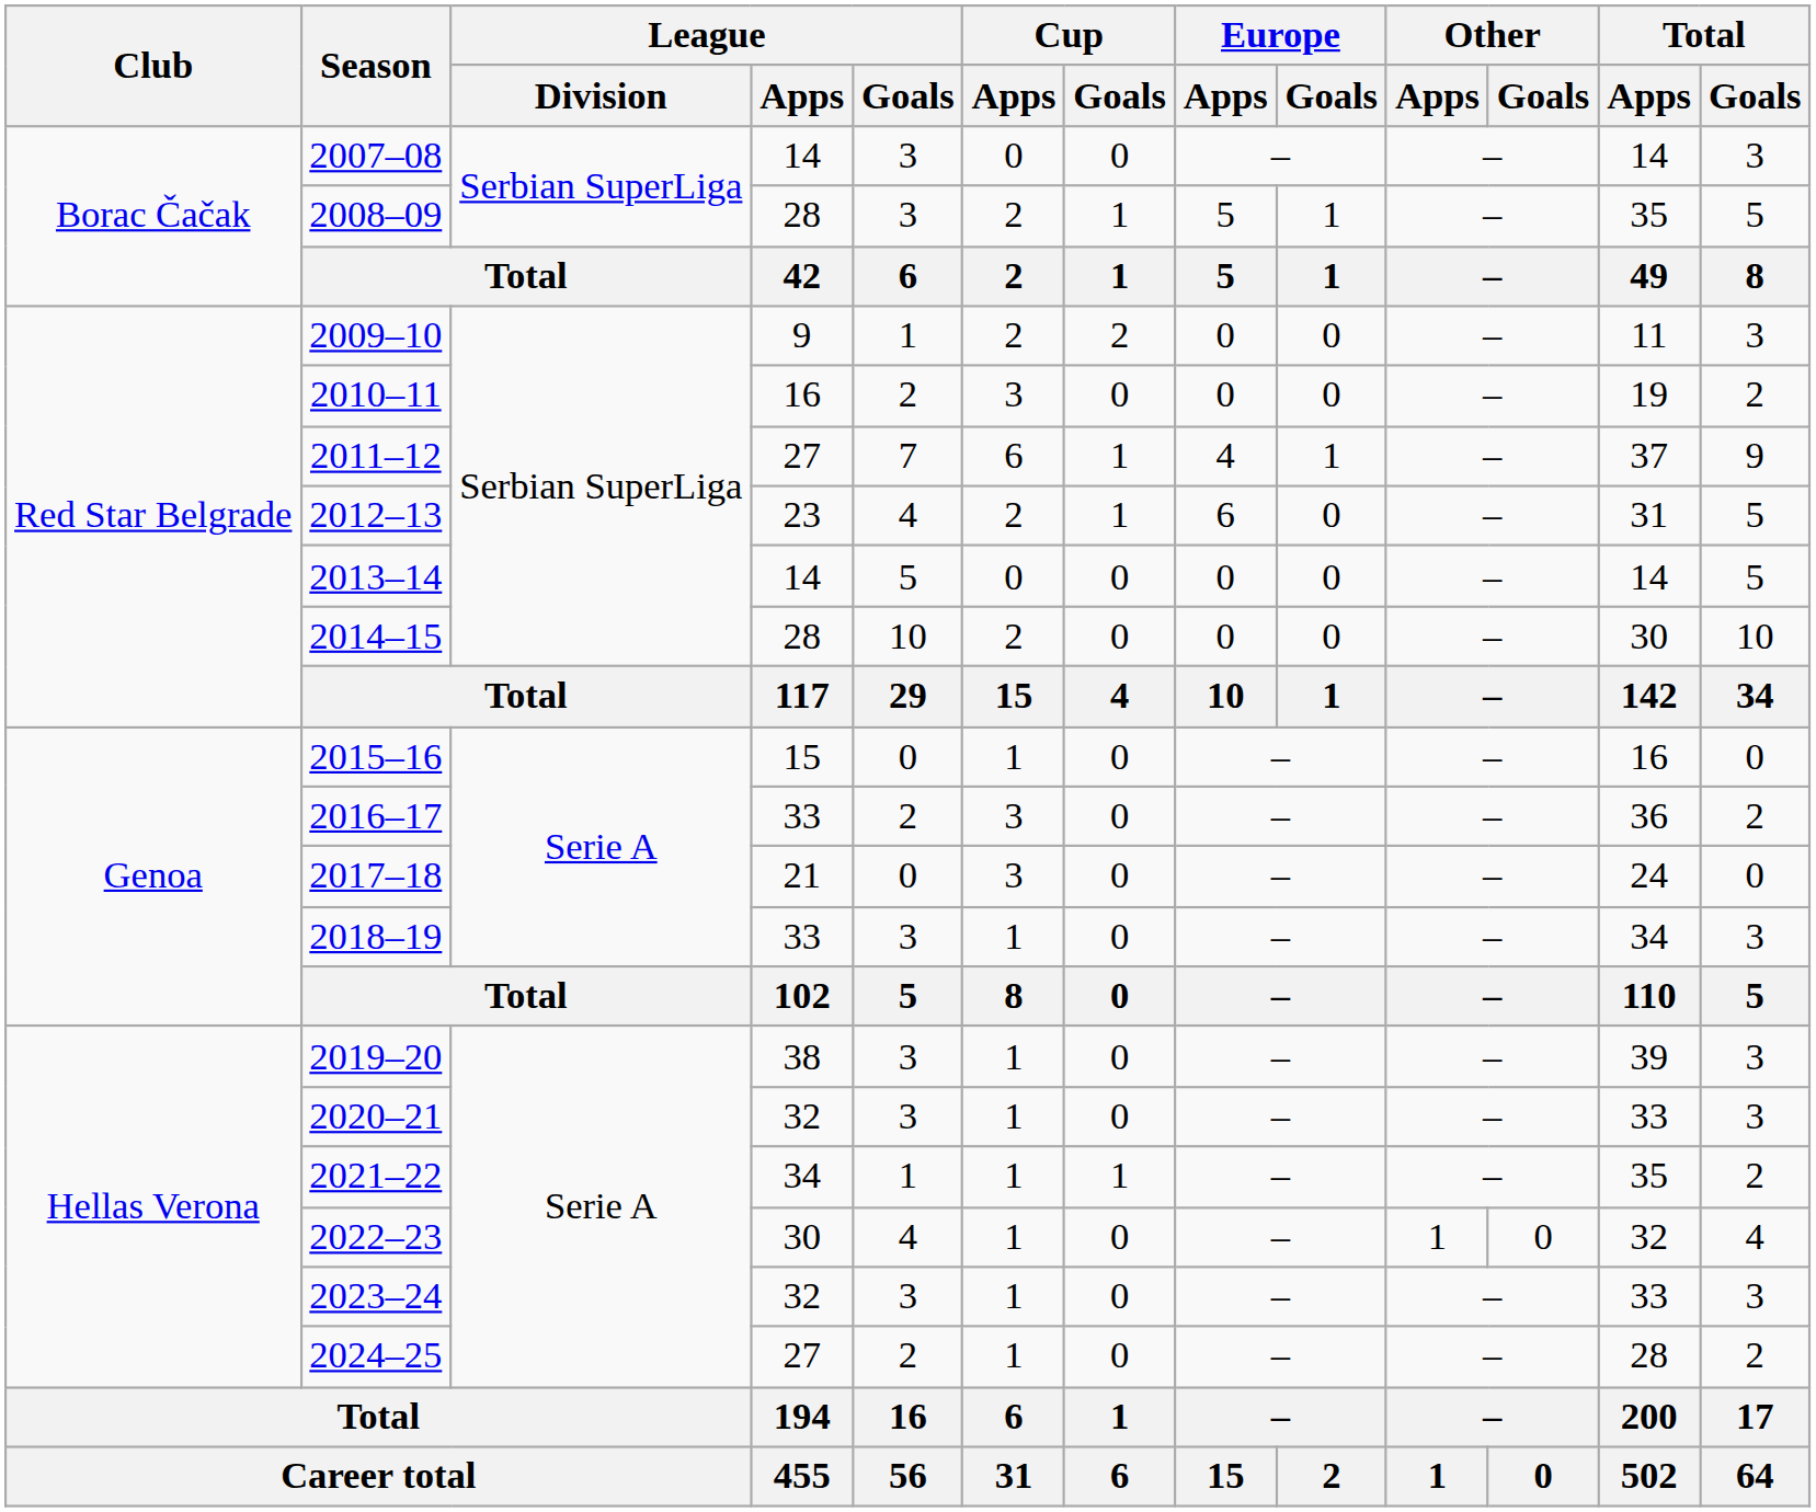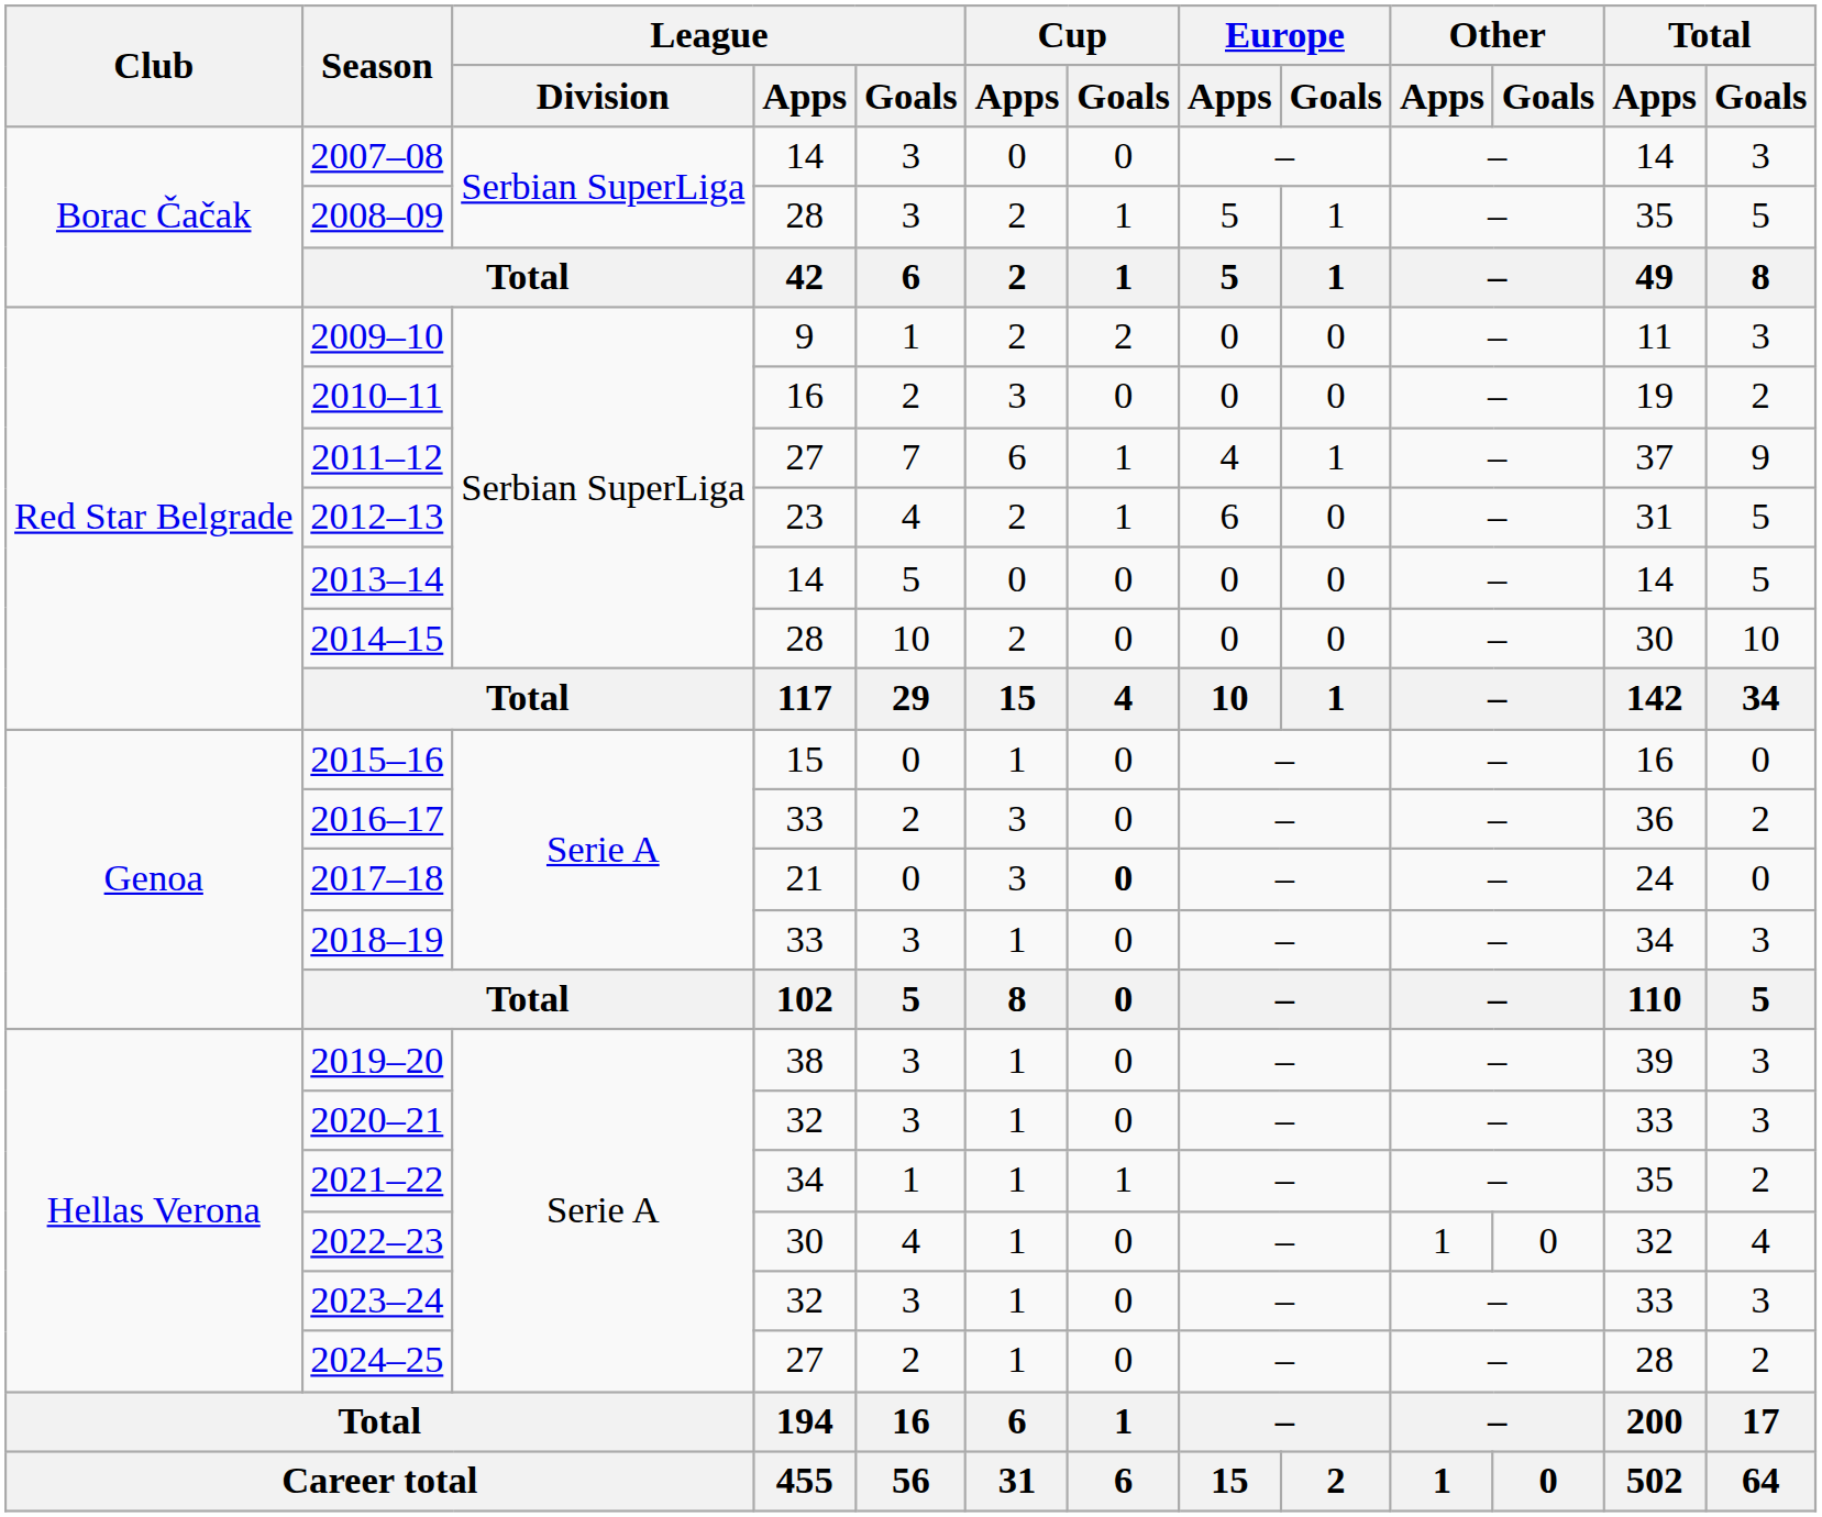 <table class="wikitable" style="text-align:center">
 <tr>
 <th rowspan="2">Club</th>
 <th rowspan="2">Season</th>
 <th colspan="3">League</th>
 <th colspan="2">Cup</th>
 <th colspan="2"><a href='#'>Europe</a></th>
 <th colspan="2">Other</th>
 <th colspan="2">Total</th>
 </tr>
 <tr>
 <th>Division</th>
 <th>Apps</th>
 <th>Goals</th>
 <th>Apps</th>
 <th>Goals</th>
 <th>Apps</th>
 <th>Goals</th>
 <th>Apps</th>
 <th>Goals</th>
 <th>Apps</th>
 <th>Goals</th>
 </tr>
 <tr>
 <td rowspan="3"><a href='#'>Borac Čačak</a></td>
 <td><a href='#'>2007–08</a></td>
 <td rowspan="2"><a href='#'>Serbian SuperLiga</a></td>
 <td>14</td>
 <td>3</td>
 <td>0</td>
 <td>0</td>
 <td colspan="2">–</td>
 <td colspan="2">–</td>
 <td>14</td>
 <td>3</td>
 </tr>
 <tr>
 <td><a href='#'>2008–09</a></td>
 <td>28</td>
 <td>3</td>
 <td>2</td>
 <td>1</td>
 <td>5</td>
 <td>1</td>
 <td colspan="2">–</td>
 <td>35</td>
 <td>5</td>
 </tr>
 <tr>
 <th colspan="2">Total</th>
 <th>42</th>
 <th>6</th>
 <th>2</th>
 <th>1</th>
 <th>5</th>
 <th>1</th>
 <th colspan="2">–</th>
 <th>49</th>
 <th>8</th>
 </tr>
 <tr>
 <td rowspan="7"><a href='#'>Red Star Belgrade</a></td>
 <td><a href='#'>2009–10</a></td>
 <td rowspan="6">Serbian SuperLiga</td>
 <td>9</td>
 <td>1</td>
 <td>2</td>
 <td>2</td>
 <td>0</td>
 <td>0</td>
 <td colspan="2">–</td>
 <td>11</td>
 <td>3</td>
 </tr>
 <tr>
 <td><a href='#'>2010–11</a></td>
 <td>16</td>
 <td>2</td>
 <td>3</td>
 <td>0</td>
 <td>0</td>
 <td>0</td>
 <td colspan="2">–</td>
 <td>19</td>
 <td>2</td>
 </tr>
 <tr>
 <td><a href='#'>2011–12</a></td>
 <td>27</td>
 <td>7</td>
 <td>6</td>
 <td>1</td>
 <td>4</td>
 <td>1</td>
 <td colspan="2">–</td>
 <td>37</td>
 <td>9</td>
 </tr>
 <tr>
 <td><a href='#'>2012–13</a></td>
 <td>23</td>
 <td>4</td>
 <td>2</td>
 <td>1</td>
 <td>6</td>
 <td>0</td>
 <td colspan="2">–</td>
 <td>31</td>
 <td>5</td>
 </tr>
 <tr>
 <td><a href='#'>2013–14</a></td>
 <td>14</td>
 <td>5</td>
 <td>0</td>
 <td>0</td>
 <td>0</td>
 <td>0</td>
 <td colspan="2">–</td>
 <td>14</td>
 <td>5</td>
 </tr>
 <tr>
 <td><a href='#'>2014–15</a></td>
 <td>28</td>
 <td>10</td>
 <td>2</td>
 <td>0</td>
 <td>0</td>
 <td>0</td>
 <td colspan="2">–</td>
 <td>30</td>
 <td>10</td>
 </tr>
 <tr>
 <th colspan="2">Total</th>
 <th>117</th>
 <th>29</th>
 <th>15</th>
 <th>4</th>
 <th>10</th>
 <th>1</th>
 <th colspan="2">–</th>
 <th>142</th>
 <th>34</th>
 </tr>
 <tr>
 <td rowspan="5"><a href='#'>Genoa</a></td>
 <td><a href='#'>2015–16</a></td>
 <td rowspan="4"><a href='#'>Serie A</a></td>
 <td>15</td>
 <td>0</td>
 <td>1</td>
 <td>0</td>
 <td colspan="2">–</td>
 <td colspan="2">–</td>
 <td>16</td>
 <td>0</td>
 </tr>
 <tr>
 <td><a href='#'>2016–17</a></td>
 <td>33</td>
 <td>2</td>
 <td>3</td>
 <td>0</td>
 <td colspan="2">–</td>
 <td colspan="2">–</td>
 <td>36</td>
 <td>2</td>
 </tr>
 <tr>
 <td><a href='#'>2017–18</a></td>
 <td>21</td>
 <td>0</td>
 <td>3</td>
-<td>0</td>
+<td><strong>0</strong></td>
 <td colspan="2">–</td>
 <td colspan="2">–</td>
 <td>24</td>
 <td>0</td>
 </tr>
 <tr>
 <td><a href='#'>2018–19</a></td>
 <td>33</td>
 <td>3</td>
 <td>1</td>
 <td>0</td>
 <td colspan="2">–</td>
 <td colspan="2">–</td>
 <td>34</td>
 <td>3</td>
 </tr>
 <tr>
 <th colspan="2">Total</th>
 <th>102</th>
 <th>5</th>
 <th>8</th>
 <th>0</th>
 <th colspan="2">–</th>
 <th colspan="2">–</th>
 <th>110</th>
 <th>5</th>
 </tr>
 <tr>
 <td rowspan="6"><a href='#'>Hellas Verona</a></td>
 <td><a href='#'>2019–20</a></td>
 <td rowspan="6">Serie A</td>
 <td>38</td>
 <td>3</td>
 <td>1</td>
 <td>0</td>
 <td colspan="2">–</td>
 <td colspan="2">–</td>
 <td>39</td>
 <td>3</td>
 </tr>
 <tr>
 <td><a href='#'>2020–21</a></td>
 <td>32</td>
 <td>3</td>
 <td>1</td>
 <td>0</td>
 <td colspan="2">–</td>
 <td colspan="2">–</td>
 <td>33</td>
 <td>3</td>
 </tr>
 <tr>
 <td><a href='#'>2021–22</a></td>
 <td>34</td>
 <td>1</td>
 <td>1</td>
 <td>1</td>
 <td colspan="2">–</td>
 <td colspan="2">–</td>
 <td>35</td>
 <td>2</td>
 </tr>
 <tr>
 <td><a href='#'>2022–23</a></td>
 <td>30</td>
 <td>4</td>
 <td>1</td>
 <td>0</td>
 <td colspan="2">–</td>
 <td>1</td>
 <td>0</td>
 <td>32</td>
 <td>4</td>
 </tr>
 <tr>
 <td><a href='#'>2023–24</a></td>
 <td>32</td>
 <td>3</td>
 <td>1</td>
 <td>0</td>
 <td colspan="2">–</td>
 <td colspan="2">–</td>
 <td>33</td>
 <td>3</td>
 </tr>
 <tr>
 <td><a href='#'>2024–25</a></td>
 <td>27</td>
 <td>2</td>
 <td>1</td>
 <td>0</td>
 <td colspan="2">–</td>
 <td colspan="2">–</td>
 <td>28</td>
 <td>2</td>
 </tr>
 <tr>
 <th colspan="3">Total</th>
 <th>194</th>
 <th>16</th>
 <th>6</th>
 <th>1</th>
 <th colspan="2">–</th>
 <th colspan="2">–</th>
 <th>200</th>
 <th>17</th>
 </tr>
 <tr>
 <th colspan="3">Career total</th>
 <th>455</th>
 <th>56</th>
 <th>31</th>
 <th>6</th>
 <th>15</th>
 <th>2</th>
 <th>1</th>
 <th>0</th>
 <th>502</th>
 <th>64</th>
 </tr>
 </table>
